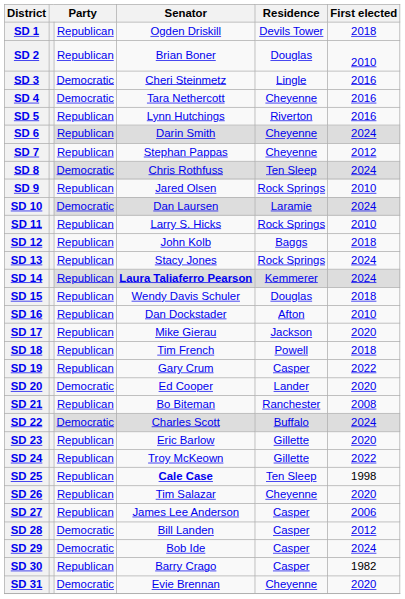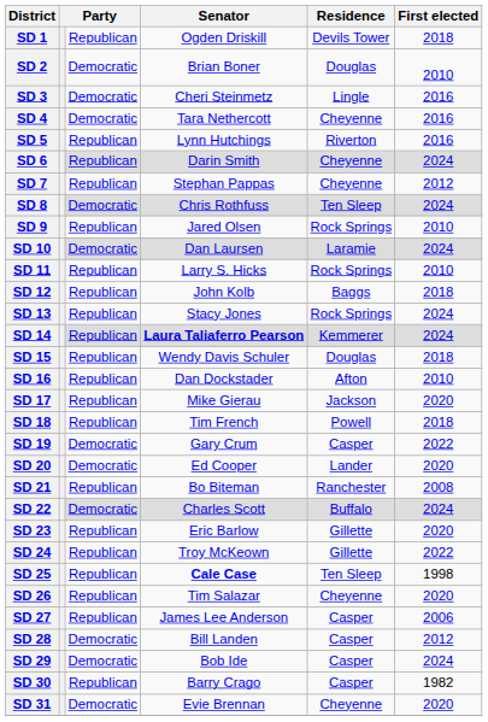 <table class="sortable wikitable" style="text-align:center">
 <tr>
 <th>District</th>
 <th colspan=2>Party</th>
 <th>Senator</th>
 <th>Residence</th>
 <th>First elected</th>
 </tr>
 <tr>
 <th><a href='#'>SD 1</a></th>
 <th style="background-color:"></th>
 <td><a href='#'>Republican</a></td>
 <td><a href='#'>Ogden Driskill</a></td>
 <td><a href='#'>Devils Tower</a></td>
 <td><a href='#'>2018</a></td>
 </tr>
 <tr>
 <th><a href='#'>SD 2</a></th>
 <th style="background-color:"></th>
-<td><a href='#'>Republican</a></td>
+<td><a href='#'>Democratic</a></td>
 <td><a href='#'>Brian Boner</a></td>
 <td><a href='#'>Douglas</a></td>
 <td><br><a href='#'>2010</a></td>
 </tr>
 <tr>
 <th><a href='#'>SD 3</a></th>
 <th style="background-color:"></th>
 <td><a href='#'>Democratic</a></td>
 <td><a href='#'>Cheri Steinmetz</a></td>
 <td><a href='#'>Lingle</a></td>
 <td><a href='#'>2016</a></td>
 </tr>
 <tr>
 <th><a href='#'>SD 4</a></th>
 <th style="background-color:"></th>
 <td><a href='#'>Democratic</a></td>
 <td><a href='#'>Tara Nethercott</a></td>
 <td><a href='#'>Cheyenne</a></td>
 <td><a href='#'>2016</a></td>
 </tr>
 <tr>
 <th><a href='#'>SD 5</a></th>
 <th style="background-color:"></th>
 <td><a href='#'>Republican</a></td>
 <td><a href='#'>Lynn Hutchings</a></td>
 <td><a href='#'>Riverton</a></td>
 <td><a href='#'>2016</a></td>
 </tr>
 <tr style="background-color:#dddddd">
 <th><a href='#'>SD 6</a></th>
 <th style="background-color:"></th>
 <td><a href='#'>Republican</a></td>
 <td><a href='#'>Darin Smith</a></td>
 <td><a href='#'>Cheyenne</a></td>
 <td><a href='#'>2024</a></td>
 </tr>
 <tr>
 <th><a href='#'>SD 7</a></th>
 <th style="background-color:"></th>
 <td><a href='#'>Republican</a></td>
 <td><a href='#'>Stephan Pappas</a></td>
 <td><a href='#'>Cheyenne</a></td>
 <td><a href='#'>2012</a></td>
 </tr>
 <tr style="background-color:#dddddd">
 <th><a href='#'>SD 8</a></th>
 <th style="background-color:"></th>
 <td><a href='#'>Democratic</a></td>
 <td><a href='#'>Chris Rothfuss</a></td>
 <td><a href='#'>Ten Sleep</a></td>
 <td><a href='#'>2024</a></td>
 </tr>
 <tr>
 <th><a href='#'>SD 9</a></th>
 <th style="background-color:"></th>
 <td><a href='#'>Republican</a></td>
 <td><a href='#'>Jared Olsen</a></td>
 <td><a href='#'>Rock Springs</a></td>
 <td><a href='#'>2010</a></td>
 </tr>
 <tr style="background-color:#dddddd">
 <th><a href='#'>SD 10</a></th>
 <th style="background-color:"></th>
 <td><a href='#'>Democratic</a></td>
 <td><a href='#'>Dan Laursen</a></td>
 <td><a href='#'>Laramie</a></td>
 <td><a href='#'>2024</a></td>
 </tr>
 <tr>
 <th><a href='#'>SD 11</a></th>
 <th style="background-color:"></th>
 <td><a href='#'>Republican</a></td>
 <td><a href='#'>Larry S. Hicks</a></td>
 <td><a href='#'>Rock Springs</a></td>
 <td><a href='#'>2010</a></td>
 </tr>
 <tr>
 <th><a href='#'>SD 12</a></th>
 <th style="background-color:"></th>
 <td><a href='#'>Republican</a></td>
 <td><a href='#'>John Kolb</a></td>
 <td><a href='#'>Baggs</a></td>
 <td><a href='#'>2018</a></td>
 </tr>
 <tr>
 <th><a href='#'>SD 13</a></th>
 <th style="background-color:"></th>
 <td><a href='#'>Republican</a></td>
 <td><a href='#'>Stacy Jones</a></td>
 <td><a href='#'>Rock Springs</a></td>
 <td><a href='#'>2024</a></td>
 </tr>
 <tr style="background-color:#dddddd">
 <th><a href='#'>SD 14</a></th>
 <th style="background-color:"></th>
 <td><a href='#'>Republican</a></td>
 <td><strong><a href='#'>Laura Taliaferro Pearson</a></strong></td>
 <td><a href='#'>Kemmerer</a></td>
 <td><a href='#'>2024</a></td>
 </tr>
 <tr>
 <th><a href='#'>SD 15</a></th>
 <th style="background-color:"></th>
 <td><a href='#'>Republican</a></td>
 <td><a href='#'>Wendy Davis Schuler</a></td>
 <td><a href='#'>Douglas</a></td>
 <td><a href='#'>2018</a></td>
 </tr>
 <tr>
 <th><a href='#'>SD 16</a></th>
 <th style="background-color:"></th>
 <td><a href='#'>Republican</a></td>
 <td><a href='#'>Dan Dockstader</a></td>
 <td><a href='#'>Afton</a></td>
 <td><a href='#'>2010</a></td>
 </tr>
 <tr>
 <th><a href='#'>SD 17</a></th>
 <th style="background-color:"></th>
 <td><a href='#'>Republican</a></td>
 <td><a href='#'>Mike Gierau</a></td>
 <td><a href='#'>Jackson</a></td>
 <td><a href='#'>2020</a></td>
 </tr>
 <tr>
 <th><a href='#'>SD 18</a></th>
 <th style="background-color:"></th>
 <td><a href='#'>Republican</a></td>
 <td><a href='#'>Tim French</a></td>
 <td><a href='#'>Powell</a></td>
 <td><a href='#'>2018</a></td>
 </tr>
 <tr>
 <th><a href='#'>SD 19</a></th>
 <th style="background-color:"></th>
-<td><a href='#'>Republican</a></td>
+<td><a href='#'>Democratic</a></td>
 <td><a href='#'>Gary Crum</a></td>
 <td><a href='#'>Casper</a></td>
 <td><a href='#'>2022</a></td>
 </tr>
 <tr>
 <th><a href='#'>SD 20</a></th>
 <th style="background-color:"></th>
 <td><a href='#'>Democratic</a></td>
 <td><a href='#'>Ed Cooper</a></td>
 <td><a href='#'>Lander</a></td>
 <td><a href='#'>2020</a></td>
 </tr>
 <tr>
 <th><a href='#'>SD 21</a></th>
 <th style="background-color:"></th>
 <td><a href='#'>Republican</a></td>
 <td><a href='#'>Bo Biteman</a></td>
 <td><a href='#'>Ranchester</a></td>
 <td><a href='#'>2008</a></td>
 </tr>
 <tr style="background-color:#dddddd">
 <th><a href='#'>SD 22</a></th>
 <th style="background-color:"></th>
 <td><a href='#'>Democratic</a></td>
 <td><a href='#'>Charles Scott</a></td>
 <td><a href='#'>Buffalo</a></td>
 <td><a href='#'>2024</a></td>
 </tr>
 <tr>
 <th><a href='#'>SD 23</a></th>
 <th style="background-color:"></th>
 <td><a href='#'>Republican</a></td>
 <td><a href='#'>Eric Barlow</a></td>
 <td><a href='#'>Gillette</a></td>
 <td><a href='#'>2020</a></td>
 </tr>
 <tr>
 <th><a href='#'>SD 24</a></th>
 <th style="background-color:"></th>
 <td><a href='#'>Republican</a></td>
 <td><a href='#'>Troy McKeown</a></td>
 <td><a href='#'>Gillette</a></td>
 <td><a href='#'>2022</a></td>
 </tr>
 <tr>
 <th><a href='#'>SD 25</a></th>
 <th style="background-color:"></th>
 <td><a href='#'>Republican</a></td>
 <td><strong><a href='#'>Cale Case</a></strong></td>
 <td><a href='#'>Ten Sleep</a></td>
 <td>1998</td>
 </tr>
 <tr>
 <th><a href='#'>SD 26</a></th>
 <th style="background-color:"></th>
 <td><a href='#'>Republican</a></td>
 <td><a href='#'>Tim Salazar</a></td>
 <td><a href='#'>Cheyenne</a></td>
 <td><a href='#'>2020</a></td>
 </tr>
 <tr>
 <th><a href='#'>SD 27</a></th>
 <th style="background-color:"></th>
 <td><a href='#'>Republican</a></td>
 <td><a href='#'>James Lee Anderson</a></td>
 <td><a href='#'>Casper</a></td>
 <td><a href='#'>2006</a></td>
 </tr>
 <tr>
 <th><a href='#'>SD 28</a></th>
 <th style="background-color:"></th>
 <td><a href='#'>Democratic</a></td>
 <td><a href='#'>Bill Landen</a></td>
 <td><a href='#'>Casper</a></td>
 <td><a href='#'>2012</a></td>
 </tr>
 <tr>
 <th><a href='#'>SD 29</a></th>
 <th style="background-color:"></th>
 <td><a href='#'>Democratic</a></td>
 <td><a href='#'>Bob Ide</a></td>
 <td><a href='#'>Casper</a></td>
 <td><a href='#'>2024</a></td>
 </tr>
 <tr>
 <th><a href='#'>SD 30</a></th>
 <th style="background-color:"></th>
 <td><a href='#'>Republican</a></td>
 <td><a href='#'>Barry Crago</a></td>
 <td><a href='#'>Casper</a></td>
 <td>1982</td>
 </tr>
 <tr>
 <th><a href='#'>SD 31</a></th>
 <th style="background-color:"></th>
 <td><a href='#'>Democratic</a></td>
 <td><a href='#'>Evie Brennan</a></td>
 <td><a href='#'>Cheyenne</a></td>
 <td><a href='#'>2020</a></td>
 </tr>
 <tr>
 </tr>
 </table>
